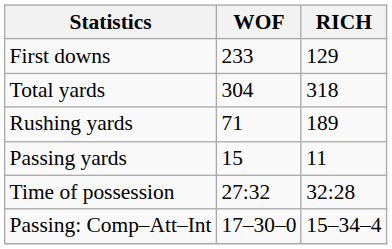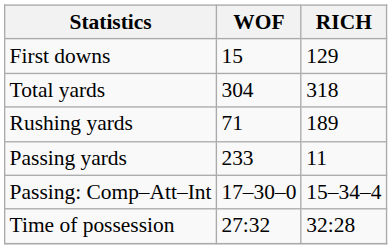 <table class="wikitable" style="float: left;">
 <tr>
 <th>Statistics</th>
 <th>WOF</th>
 <th>RICH</th>
 </tr>
 <tr>
 <td>First downs</td>
-<td>233</td>
+<td>15</td>
 <td>129</td>
 </tr>
 <tr>
 <td>Total yards</td>
 <td>304</td>
 <td>318</td>
 </tr>
 <tr>
 <td>Rushing yards</td>
 <td>71</td>
 <td>189</td>
 </tr>
 <tr>
 <td>Passing yards</td>
-<td>15</td>
+<td>233</td>
 <td>11</td>
+</tr>
+<tr>
+<td>Passing: Comp–Att–Int</td>
+<td>17–30–0</td>
+<td>15–34–4</td>
 </tr>
 <tr>
 <td>Time of possession</td>
 <td>27:32</td>
 <td>32:28</td>
 </tr>
 <tr>
-<td>Passing: Comp–Att–Int</td>
-<td>17–30–0</td>
-<td>15–34–4</td>
-</tr>
-<tr>
 </tr>
 </table>
